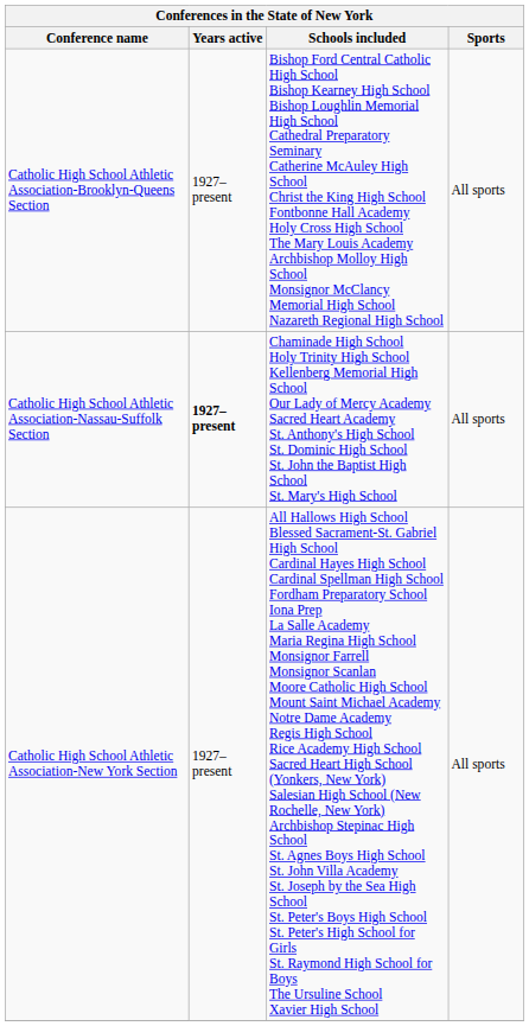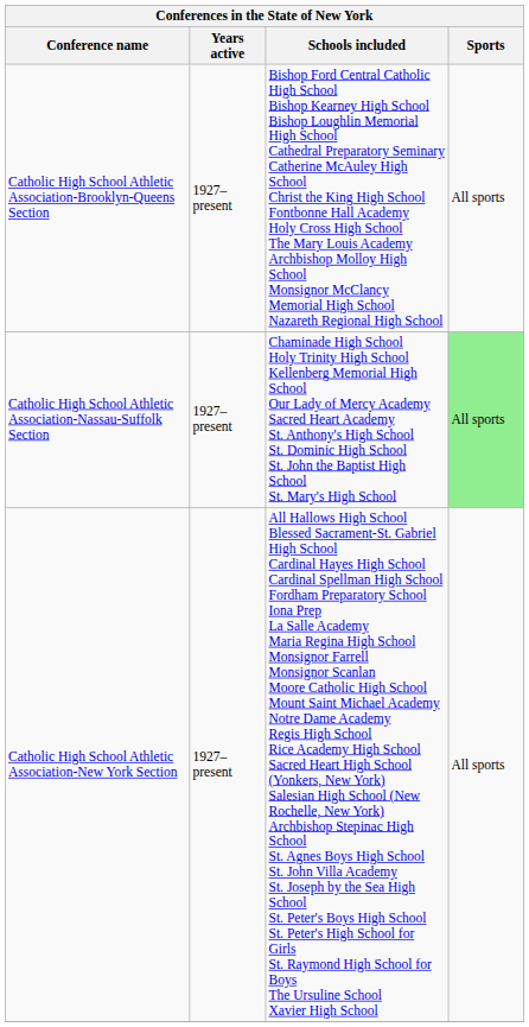 <table class="wikitable">
 <tr>
 <th colspan="4">Conferences in the State of New York</th>
 </tr>
 <tr>
 <th width="275">Conference name</th>
 <th width="100">Years active</th>
 <th width="275">Schools included</th>
 <th width="100">Sports</th>
 </tr>
 <tr>
 <td><a href='#'>Catholic High School Athletic Association-Brooklyn-Queens Section</a></td>
 <td>1927–present</td>
 <td><a href='#'>Bishop Ford Central Catholic High School</a><br><a href='#'>Bishop Kearney High School</a><br><a href='#'>Bishop Loughlin Memorial High School</a><br><a href='#'>Cathedral Preparatory Seminary</a><br><a href='#'>Catherine McAuley High School</a><br><a href='#'>Christ the King High School</a><br><a href='#'>Fontbonne Hall Academy</a><br><a href='#'>Holy Cross High School</a><br><a href='#'>The Mary Louis Academy</a><br><a href='#'>Archbishop Molloy High School</a><br><a href='#'>Monsignor McClancy Memorial High School</a><br><a href='#'>Nazareth Regional High School</a></td>
 <td>All sports</td>
 </tr>
 <tr>
 <td><a href='#'>Catholic High School Athletic Association-Nassau-Suffolk Section</a></td>
-<td><strong>1927–present</strong></td>
+<td>1927–present</td>
 <td><a href='#'>Chaminade High School</a><br><a href='#'>Holy Trinity High School</a><br><a href='#'>Kellenberg Memorial High School</a><br><a href='#'>Our Lady of Mercy Academy</a><br><a href='#'>Sacred Heart Academy</a><br><a href='#'>St. Anthony's High School</a><br><a href='#'>St. Dominic High School</a><br><a href='#'>St. John the Baptist High School</a><br><a href='#'>St. Mary's High School</a></td>
-<td>All sports</td>
+<td style="background: lightgreen;">All sports</td>
 </tr>
 <tr>
 <td><a href='#'>Catholic High School Athletic Association-New York Section</a></td>
 <td>1927–present</td>
 <td><a href='#'>All Hallows High School</a><br><a href='#'>Blessed Sacrament-St. Gabriel High School</a><br><a href='#'>Cardinal Hayes High School</a><br><a href='#'>Cardinal Spellman High School</a><br><a href='#'>Fordham Preparatory School</a><br><a href='#'>Iona Prep</a><br><a href='#'>La Salle Academy</a><br><a href='#'>Maria Regina High School</a><br><a href='#'>Monsignor Farrell</a><br><a href='#'>Monsignor Scanlan</a><br><a href='#'>Moore Catholic High School</a><br><a href='#'>Mount Saint Michael Academy</a><br><a href='#'>Notre Dame Academy</a><br><a href='#'>Regis High School</a><br><a href='#'>Rice Academy High School</a><br><a href='#'>Sacred Heart High School (Yonkers, New York)</a><br><a href='#'>Salesian High School (New Rochelle, New York)</a><br><a href='#'>Archbishop Stepinac High School</a><br><a href='#'>St. Agnes Boys High School</a><br><a href='#'>St. John Villa Academy</a><br><a href='#'>St. Joseph by the Sea High School</a><br><a href='#'>St. Peter's Boys High School</a><br><a href='#'>St. Peter's High School for Girls</a><br><a href='#'>St. Raymond High School for Boys</a><br><a href='#'>The Ursuline School</a><br><a href='#'>Xavier High School</a></td>
 <td>All sports</td>
 </tr>
 <tr>
 </tr>
 </table>
